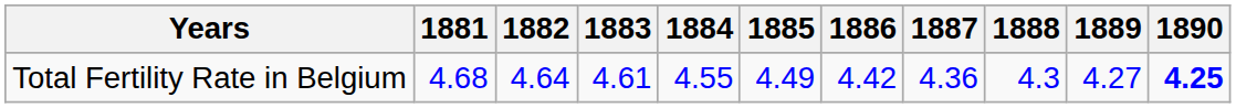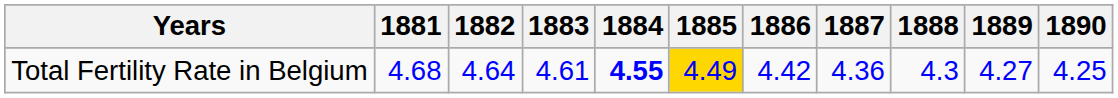 <table class="wikitable " style="text-align:right">
 <tr>
 <th>Years</th>
 <th>1881</th>
 <th>1882</th>
 <th>1883</th>
 <th>1884</th>
 <th>1885</th>
 <th>1886</th>
 <th>1887</th>
 <th>1888</th>
 <th>1889</th>
 <th>1890</th>
 </tr>
 <tr>
 <td align="left">Total Fertility Rate in Belgium</td>
 <td style="text-align:right; color:blue;">4.68</td>
 <td style="text-align:right; color:blue;">4.64</td>
 <td style="text-align:right; color:blue;">4.61</td>
-<td style="text-align:right; color:blue;">4.55</td>
-<td style="text-align:right; color:blue;">4.49</td>
+<td style="text-align:right; color:blue;"><strong>4.55</strong></td>
+<td style="background: gold; text-align:right; color:blue;">4.49</td>
 <td style="text-align:right; color:blue;">4.42</td>
 <td style="text-align:right; color:blue;">4.36</td>
 <td style="text-align:right; color:blue;">4.3</td>
 <td style="text-align:right; color:blue;">4.27</td>
-<td style="text-align:right; color:blue;"><strong>4.25</strong></td>
+<td style="text-align:right; color:blue;">4.25</td>
 </tr>
 </table>
